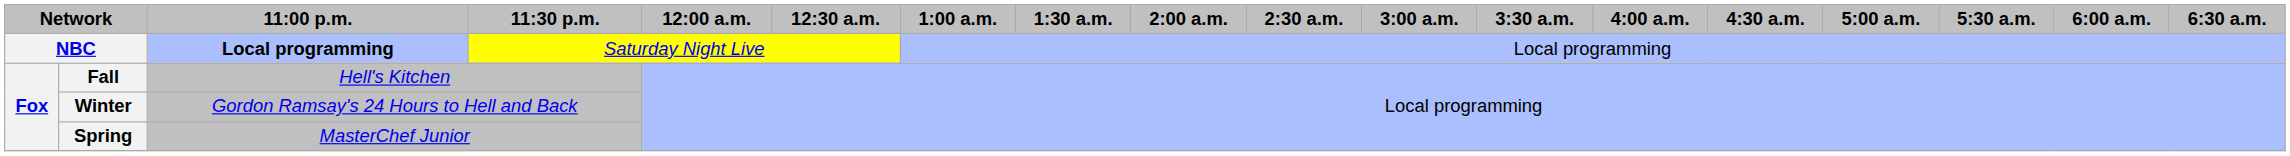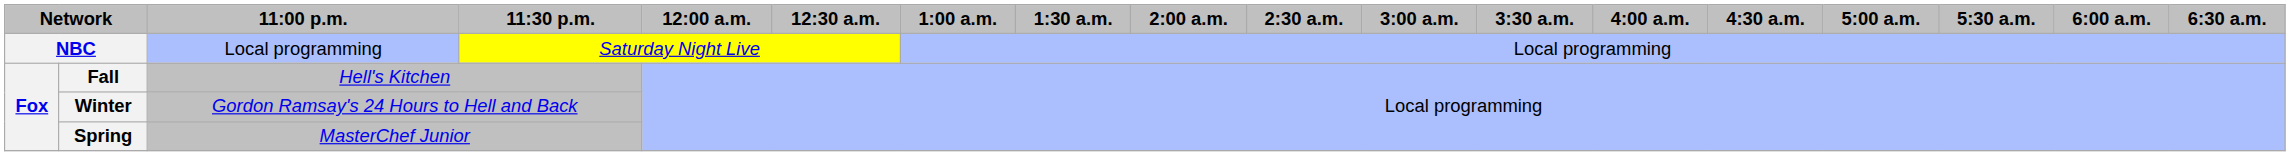 <table class="wikitable" style="width:100%;margin-right:0;text-align:center">
 <tr>
 <th colspan="2" style="background-color:#C0C0C0;text-align:center">Network</th>
 <th style="background-color:#C0C0C0;text-align:center">11:00 p.m.</th>
 <th style="background-color:#C0C0C0;text-align:center">11:30 p.m.</th>
 <th style="background-color:#C0C0C0;text-align:center">12:00 a.m.</th>
 <th style="background-color:#C0C0C0;text-align:center">12:30 a.m.</th>
 <th style="background-color:#C0C0C0;text-align:center">1:00 a.m.</th>
 <th style="background-color:#C0C0C0;text-align:center">1:30 a.m.</th>
 <th style="background-color:#C0C0C0;text-align:center">2:00 a.m.</th>
 <th style="background-color:#C0C0C0;text-align:center">2:30 a.m.</th>
 <th style="background-color:#C0C0C0;text-align:center">3:00 a.m.</th>
 <th style="background-color:#C0C0C0;text-align:center">3:30 a.m.</th>
 <th style="background-color:#C0C0C0;text-align:center">4:00 a.m.</th>
 <th style="background-color:#C0C0C0;text-align:center">4:30 a.m.</th>
 <th style="background-color:#C0C0C0;text-align:center">5:00 a.m.</th>
 <th style="background-color:#C0C0C0;text-align:center">5:30 a.m.</th>
 <th style="background-color:#C0C0C0;text-align:center">6:00 a.m.</th>
 <th style="background-color:#C0C0C0;text-align:center">6:30 a.m.</th>
 </tr>
 <tr>
 <th colspan="2"><a href='#'>NBC</a></th>
-<td style="background:#abbfff"><strong>Local programming</strong></td>
+<td style="background:#abbfff">Local programming</td>
 <td colspan="3" style="background:yellow"><em><a href='#'>Saturday Night Live</a></em> </td>
 <td colspan="12" style="background:#abbfff">Local programming </td>
 </tr>
 <tr>
 <th rowspan="3"><a href='#'>Fox</a></th>
 <th>Fall</th>
 <td colspan="2" bgcolor="#C0C0C0"><em><a href='#'>Hell's Kitchen</a></em> </td>
 <td colspan="14" rowspan="3" bgcolor="#ABBFFF">Local programming</td>
 </tr>
 <tr>
 <th>Winter</th>
 <td colspan="2" bgcolor="#C0C0C0"><em><a href='#'>Gordon Ramsay's 24 Hours to Hell and Back</a></em> </td>
 </tr>
 <tr>
 <th>Spring</th>
 <td colspan="2" bgcolor="#C0C0C0"><em><a href='#'>MasterChef Junior</a></em> </td>
 </tr>
 <tr>
 </tr>
 </table>
